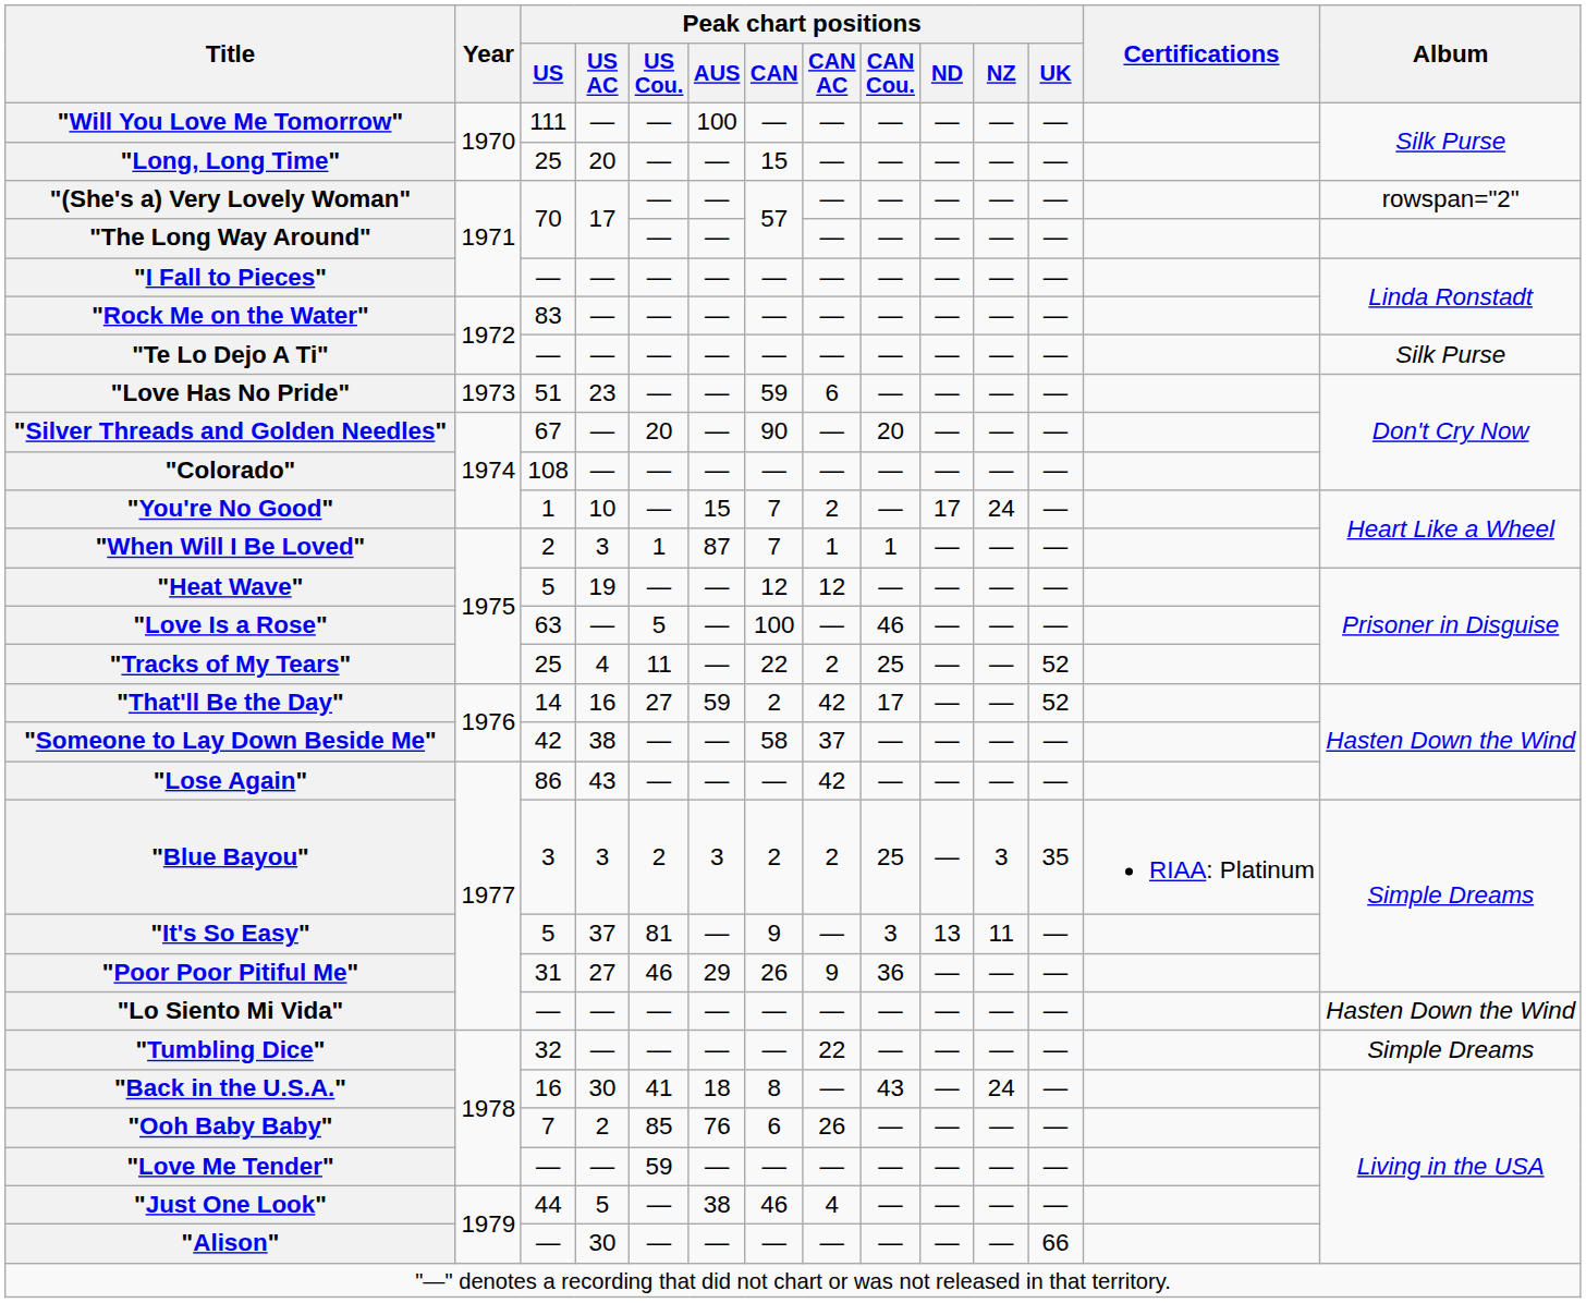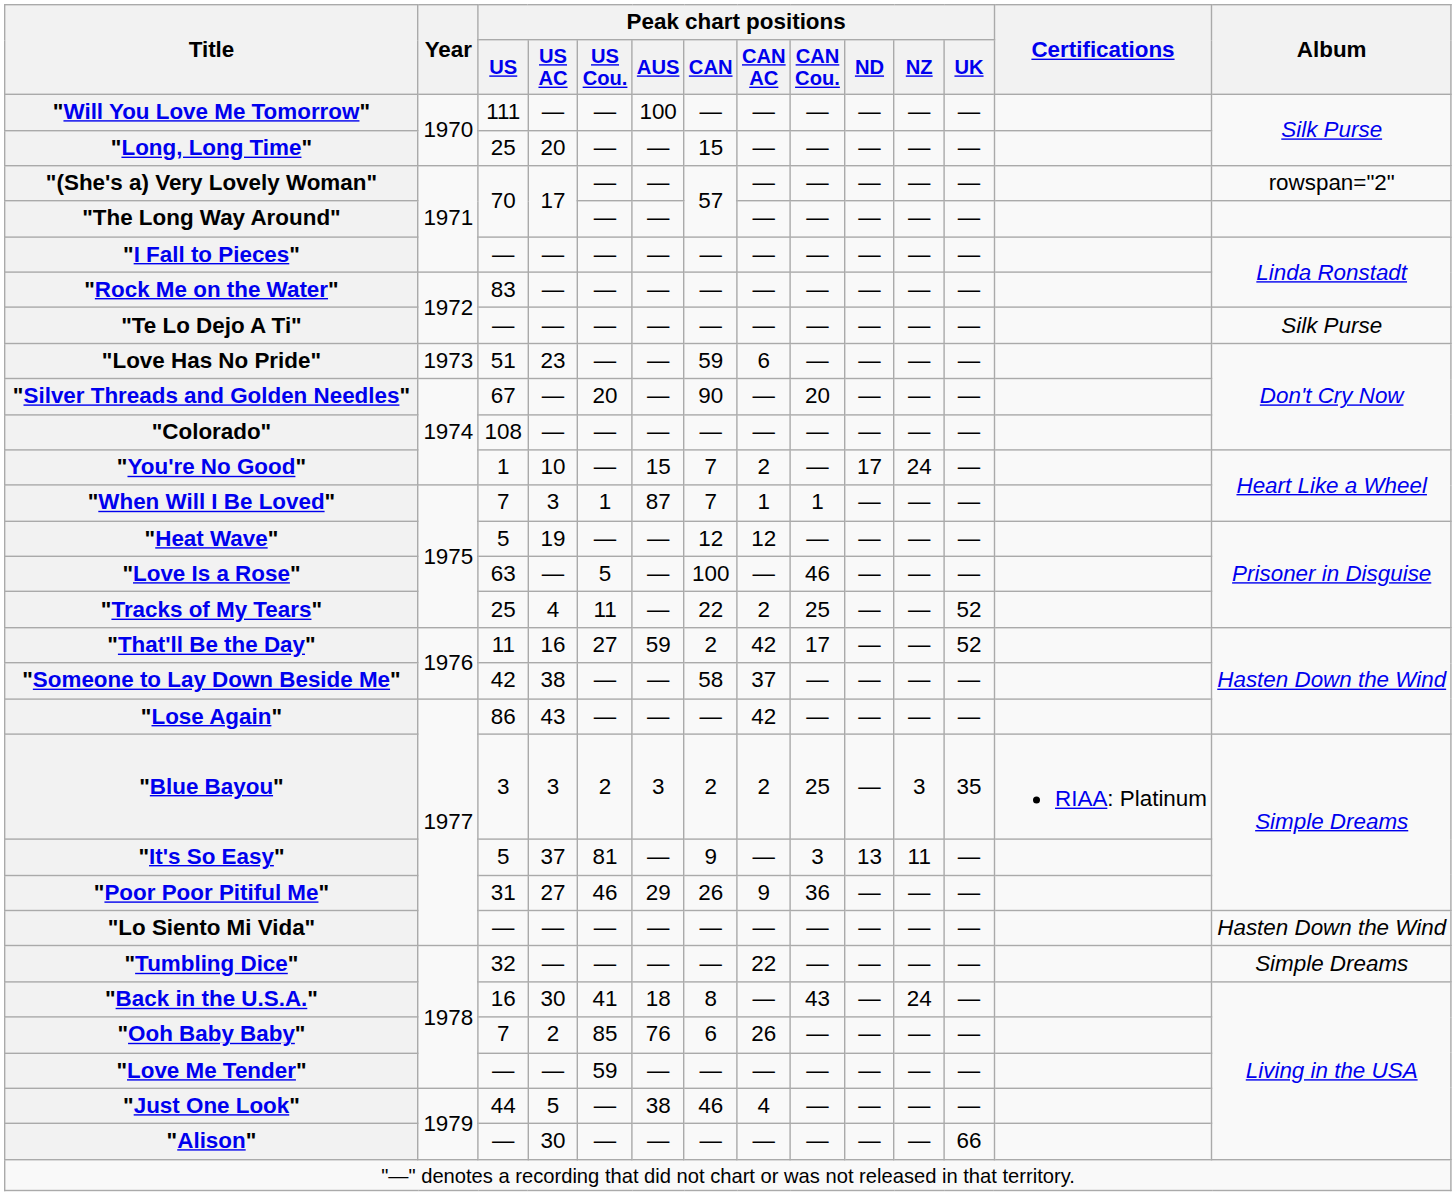 <table class="wikitable plainrowheaders" style="text-align:center;" border="1">
 <tr>
 <th scope="col" rowspan="2" style="width:18em;">Title</th>
 <th scope="col" rowspan="2">Year</th>
 <th scope="col" colspan="10">Peak chart positions</th>
 <th scope="col" rowspan="2"><a href='#'>Certifications</a></th>
 <th scope="col" rowspan="2">Album</th>
 </tr>
 <tr>
 <th scope="col" style="width:2em;font-size:90%;"><a href='#'>US</a><br></th>
 <th scope="col" style="width:2em;font-size:90%;"><a href='#'>US<br>AC</a><br></th>
 <th scope="col" style="width:2em;font-size:90%;"><a href='#'>US<br>Cou.</a><br></th>
 <th scope="col" style="width:2em;font-size:90%;"><a href='#'>AUS</a><br></th>
 <th scope="col" style="width:2em;font-size:90%;"><a href='#'>CAN</a><br></th>
 <th scope="col" style="width:2em;font-size:90%;"><a href='#'>CAN<br>AC</a><br></th>
 <th scope="col" style="width:2em;font-size:90%;"><a href='#'>CAN<br>Cou.</a><br></th>
 <th scope="col" style="width:2em;font-size:90%;"><a href='#'>ND</a><br></th>
 <th scope="col" style="width:2em;font-size:90%;"><a href='#'>NZ</a><br></th>
 <th scope="col" style="width:2em;font-size:90%;"><a href='#'>UK</a><br></th>
 </tr>
 <tr>
 <th scope="row">"<a href='#'>Will You Love Me Tomorrow</a>"</th>
 <td rowspan="2">1970</td>
 <td>111</td>
 <td>—</td>
 <td>—</td>
 <td>100</td>
 <td>—</td>
 <td>—</td>
 <td>—</td>
 <td>—</td>
 <td>—</td>
 <td>—</td>
 <td></td>
 <td rowspan="2"><em><a href='#'>Silk Purse</a></em></td>
 </tr>
 <tr>
 <th scope="row">"<a href='#'>Long, Long Time</a>"</th>
 <td>25</td>
 <td>20</td>
 <td>—</td>
 <td>—</td>
 <td>15</td>
 <td>—</td>
 <td>—</td>
 <td>—</td>
 <td>—</td>
 <td>—</td>
 <td></td>
 </tr>
 <tr>
 <th scope="row">"(She's a) Very Lovely Woman"</th>
 <td rowspan="3">1971</td>
 <td rowspan="2">70</td>
 <td rowspan="2">17</td>
 <td>—</td>
 <td>—</td>
 <td rowspan="2">57</td>
 <td>—</td>
 <td>—</td>
 <td>—</td>
 <td>—</td>
 <td>—</td>
 <td></td>
 <td>rowspan="2" </td>
 </tr>
 <tr>
 <th scope="row">"The Long Way Around"</th>
 <td>—</td>
 <td>—</td>
 <td>—</td>
 <td>—</td>
 <td>—</td>
 <td>—</td>
 <td>—</td>
 <td></td>
 </tr>
 <tr>
 <th scope="row">"<a href='#'>I Fall to Pieces</a>"</th>
 <td>—</td>
 <td>—</td>
 <td>—</td>
 <td>—</td>
 <td>—</td>
 <td>—</td>
 <td>—</td>
 <td>—</td>
 <td>—</td>
 <td>—</td>
 <td></td>
 <td rowspan="2"><em><a href='#'>Linda Ronstadt</a></em></td>
 </tr>
 <tr>
 <th scope="row">"<a href='#'>Rock Me on the Water</a>"</th>
 <td rowspan="2">1972</td>
 <td>83</td>
 <td>—</td>
 <td>—</td>
 <td>—</td>
 <td>—</td>
 <td>—</td>
 <td>—</td>
 <td>—</td>
 <td>—</td>
 <td>—</td>
 <td></td>
 </tr>
 <tr>
 <th scope="row">"Te Lo Dejo A Ti"</th>
 <td>—</td>
 <td>—</td>
 <td>—</td>
 <td>—</td>
 <td>—</td>
 <td>—</td>
 <td>—</td>
 <td>—</td>
 <td>—</td>
 <td>—</td>
 <td></td>
 <td><em>Silk Purse</em></td>
 </tr>
 <tr>
 <th scope="row">"Love Has No Pride"</th>
 <td>1973</td>
 <td>51</td>
 <td>23</td>
 <td>—</td>
 <td>—</td>
 <td>59</td>
 <td>6</td>
 <td>—</td>
 <td>—</td>
 <td>—</td>
 <td>—</td>
 <td></td>
 <td rowspan="3"><em><a href='#'>Don't Cry Now</a></em></td>
 </tr>
 <tr>
 <th scope="row">"<a href='#'>Silver Threads and Golden Needles</a>"</th>
 <td rowspan="3">1974</td>
 <td>67</td>
 <td>—</td>
 <td>20</td>
 <td>—</td>
 <td>90</td>
 <td>—</td>
 <td>20</td>
 <td>—</td>
 <td>—</td>
 <td>—</td>
 <td></td>
 </tr>
 <tr>
 <th scope="row">"Colorado"</th>
 <td>108</td>
 <td>—</td>
 <td>—</td>
 <td>—</td>
 <td>—</td>
 <td>—</td>
 <td>—</td>
 <td>—</td>
 <td>—</td>
 <td>—</td>
 <td></td>
 </tr>
 <tr>
 <th scope="row">"<a href='#'>You're No Good</a>"</th>
 <td>1</td>
 <td>10</td>
 <td>—</td>
 <td>15</td>
 <td>7</td>
 <td>2</td>
 <td>—</td>
 <td>17</td>
 <td>24</td>
 <td>—</td>
 <td></td>
 <td rowspan="2"><em><a href='#'>Heart Like a Wheel</a></em></td>
 </tr>
 <tr>
 <th scope="row">"<a href='#'>When Will I Be Loved</a>"</th>
 <td rowspan="4">1975</td>
-<td>2</td>
+<td>7</td>
 <td>3</td>
 <td>1</td>
 <td>87</td>
 <td>7</td>
 <td>1</td>
 <td>1</td>
 <td>—</td>
 <td>—</td>
 <td>—</td>
 <td></td>
 </tr>
 <tr>
 <th scope="row">"<a href='#'>Heat Wave</a>"</th>
 <td>5</td>
 <td>19</td>
 <td>—</td>
 <td>—</td>
 <td>12</td>
 <td>12</td>
 <td>—</td>
 <td>—</td>
 <td>—</td>
 <td>—</td>
 <td></td>
 <td rowspan="3"><em><a href='#'>Prisoner in Disguise</a></em></td>
 </tr>
 <tr>
 <th scope="row">"<a href='#'>Love Is a Rose</a>"</th>
 <td>63</td>
 <td>—</td>
 <td>5</td>
 <td>—</td>
 <td>100</td>
 <td>—</td>
 <td>46</td>
 <td>—</td>
 <td>—</td>
 <td>—</td>
 <td></td>
 </tr>
 <tr>
 <th scope="row">"<a href='#'>Tracks of My Tears</a>"</th>
 <td>25</td>
 <td>4</td>
 <td>11</td>
 <td>—</td>
 <td>22</td>
 <td>2</td>
 <td>25</td>
 <td>—</td>
 <td>—</td>
 <td>52</td>
 <td></td>
 </tr>
 <tr>
 <th scope="row">"<a href='#'>That'll Be the Day</a>"</th>
 <td rowspan="2">1976</td>
-<td>14</td>
+<td>11</td>
 <td>16</td>
 <td>27</td>
 <td>59</td>
 <td>2</td>
 <td>42</td>
 <td>17</td>
 <td>—</td>
 <td>—</td>
 <td>52</td>
 <td></td>
 <td rowspan="3"><em><a href='#'>Hasten Down the Wind</a></em></td>
 </tr>
 <tr>
 <th scope="row">"<a href='#'>Someone to Lay Down Beside Me</a>"</th>
 <td>42</td>
 <td>38</td>
 <td>—</td>
 <td>—</td>
 <td>58</td>
 <td>37</td>
 <td>—</td>
 <td>—</td>
 <td>—</td>
 <td>—</td>
 <td></td>
 </tr>
 <tr>
 <th scope="row">"<a href='#'>Lose Again</a>"</th>
 <td rowspan="5">1977</td>
 <td>86</td>
 <td>43</td>
 <td>—</td>
 <td>—</td>
 <td>—</td>
 <td>42</td>
 <td>—</td>
 <td>—</td>
 <td>—</td>
 <td>—</td>
 <td></td>
 </tr>
 <tr>
 <th scope="row">"<a href='#'>Blue Bayou</a>"</th>
 <td>3</td>
 <td>3</td>
 <td>2</td>
 <td>3</td>
 <td>2</td>
 <td>2</td>
 <td>25</td>
 <td>—</td>
 <td>3</td>
 <td>35</td>
 <td><br><ul><li><a href='#'>RIAA</a>: Platinum</li></ul></td>
 <td rowspan="3"><em><a href='#'>Simple Dreams</a></em></td>
 </tr>
 <tr>
 <th scope="row">"<a href='#'>It's So Easy</a>"</th>
 <td>5</td>
 <td>37</td>
 <td>81</td>
 <td>—</td>
 <td>9</td>
 <td>—</td>
 <td>3</td>
 <td>13</td>
 <td>11</td>
 <td>—</td>
 <td></td>
 </tr>
 <tr>
 <th scope="row">"<a href='#'>Poor Poor Pitiful Me</a>"</th>
 <td>31</td>
 <td>27</td>
 <td>46</td>
 <td>29</td>
 <td>26</td>
 <td>9</td>
 <td>36</td>
 <td>—</td>
 <td>—</td>
 <td>—</td>
 <td></td>
 </tr>
 <tr>
 <th scope="row">"Lo Siento Mi Vida"</th>
 <td>—</td>
 <td>—</td>
 <td>—</td>
 <td>—</td>
 <td>—</td>
 <td>—</td>
 <td>—</td>
 <td>—</td>
 <td>—</td>
 <td>—</td>
 <td></td>
 <td><em>Hasten Down the Wind</em></td>
 </tr>
 <tr>
 <th scope="row">"<a href='#'>Tumbling Dice</a>"</th>
 <td rowspan="4">1978</td>
 <td>32</td>
 <td>—</td>
 <td>—</td>
 <td>—</td>
 <td>—</td>
 <td>22</td>
 <td>—</td>
 <td>—</td>
 <td>—</td>
 <td>—</td>
 <td></td>
 <td><em>Simple Dreams</em></td>
 </tr>
 <tr>
 <th scope="row">"<a href='#'>Back in the U.S.A.</a>"</th>
 <td>16</td>
 <td>30</td>
 <td>41</td>
 <td>18</td>
 <td>8</td>
 <td>—</td>
 <td>43</td>
 <td>—</td>
 <td>24</td>
 <td>—</td>
 <td></td>
 <td rowspan="5"><em><a href='#'>Living in the USA</a></em></td>
 </tr>
 <tr>
 <th scope="row">"<a href='#'>Ooh Baby Baby</a>"</th>
 <td>7</td>
 <td>2</td>
 <td>85</td>
 <td>76</td>
 <td>6</td>
 <td>26</td>
 <td>—</td>
 <td>—</td>
 <td>—</td>
 <td>—</td>
 <td></td>
 </tr>
 <tr>
 <th scope="row">"<a href='#'>Love Me Tender</a>"</th>
 <td>—</td>
 <td>—</td>
 <td>59</td>
 <td>—</td>
 <td>—</td>
 <td>—</td>
 <td>—</td>
 <td>—</td>
 <td>—</td>
 <td>—</td>
 <td></td>
 </tr>
 <tr>
 <th scope="row">"<a href='#'>Just One Look</a>"</th>
 <td rowspan="2">1979</td>
 <td>44</td>
 <td>5</td>
 <td>—</td>
 <td>38</td>
 <td>46</td>
 <td>4</td>
 <td>—</td>
 <td>—</td>
 <td>—</td>
 <td>—</td>
 <td></td>
 </tr>
 <tr>
 <th scope="row">"<a href='#'>Alison</a>"</th>
 <td>—</td>
 <td>30</td>
 <td>—</td>
 <td>—</td>
 <td>—</td>
 <td>—</td>
 <td>—</td>
 <td>—</td>
 <td>—</td>
 <td>66</td>
 <td></td>
 </tr>
 <tr>
 <td colspan="14" style="font-size:90%">"—" denotes a recording that did not chart or was not released in that territory.</td>
 </tr>
 </table>
